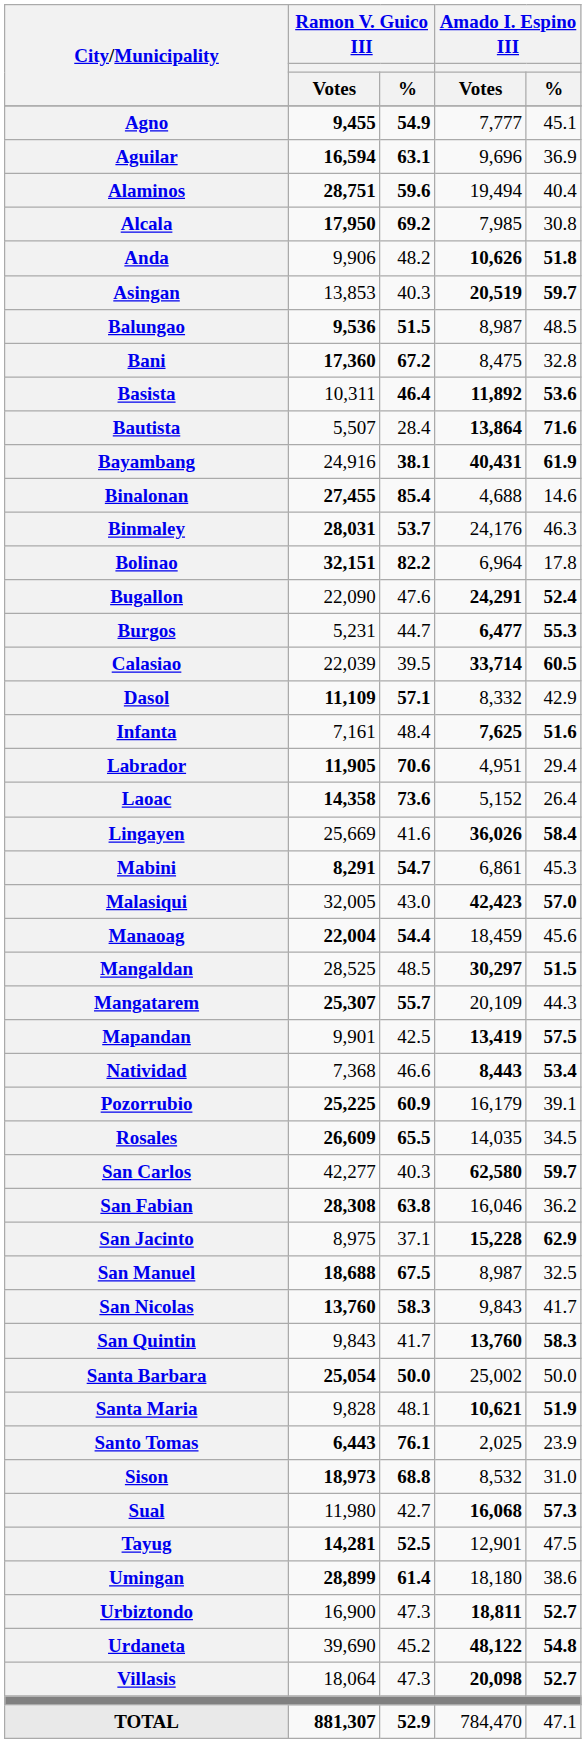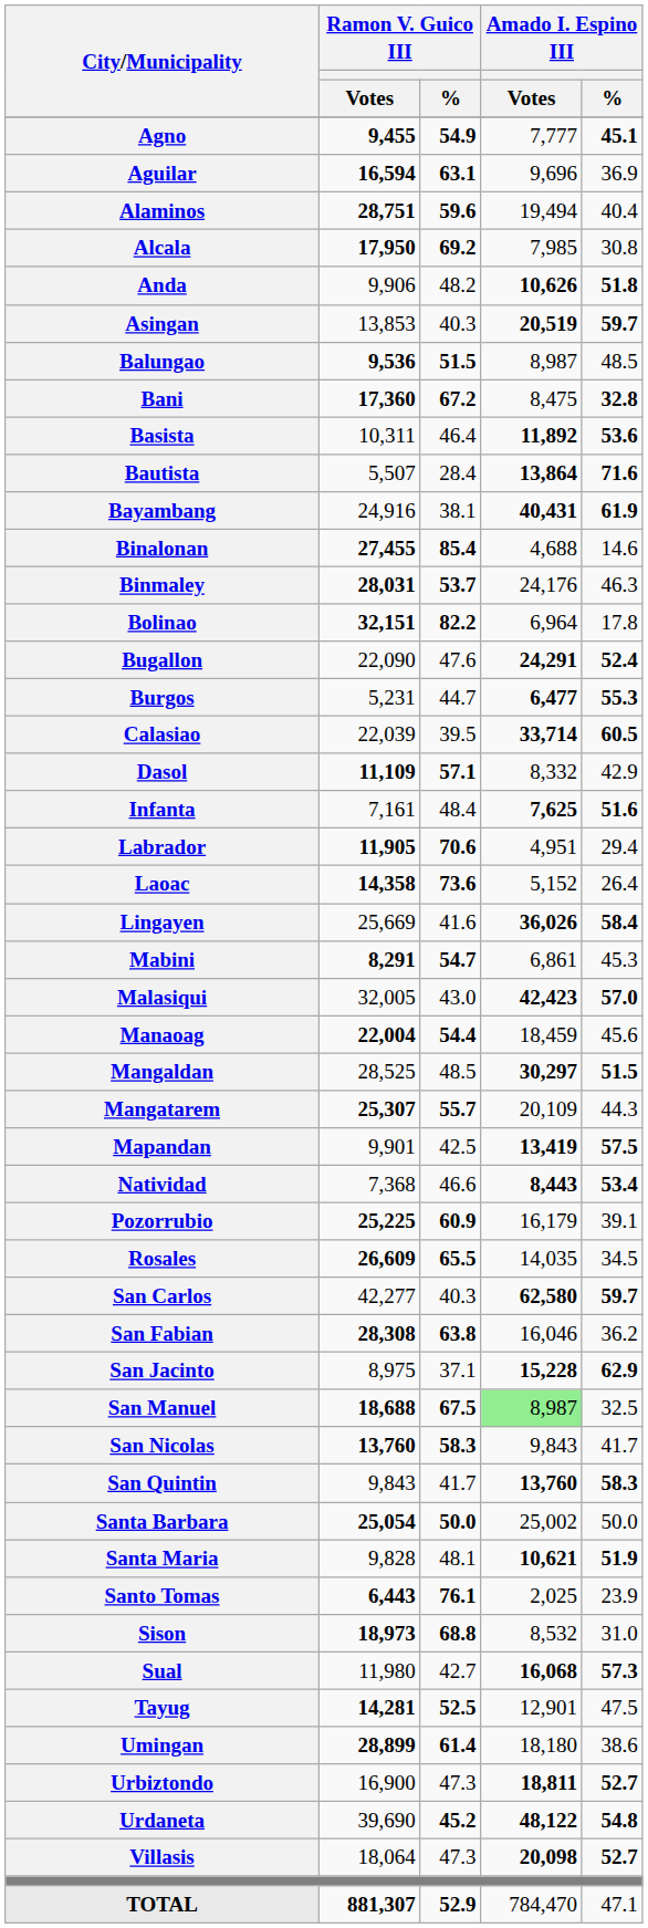 <table class="wikitable collapsible collapsed" style="text-align:right; font-size:95%; line-height:20px;">
 <tr>
 <th rowspan="3" width="220"><a href='#'>City</a>/<a href='#'>Municipality</a></th>
 <th colspan="2" width="110"><a href='#'>Ramon V. Guico III</a></th>
 <th colspan="2" width="110"><a href='#'>Amado I. Espino III</a></th>
 </tr>
 <tr>
 <th colspan="2" style="background:"></th>
 <th colspan="2" style="background:"></th>
 </tr>
 <tr>
 <th>Votes</th>
 <th>%</th>
 <th>Votes</th>
 <th>%</th>
 </tr>
 <tr>
 </tr>
 <tr>
 <th scope="row"><a href='#'>Agno</a></th>
 <td style="background:"><strong>9,455</strong></td>
 <td style="background:"><strong>54.9</strong></td>
 <td>7,777</td>
-<td>45.1</td>
+<td><strong>45.1</strong></td>
 </tr>
 <tr>
 <th scope="row"><a href='#'>Aguilar</a></th>
 <td style="background:"><strong>16,594</strong></td>
 <td style="background:"><strong>63.1</strong></td>
 <td>9,696</td>
 <td>36.9</td>
 </tr>
 <tr>
 <th scope="row"><a href='#'>Alaminos</a></th>
 <td style="background:"><strong>28,751</strong></td>
 <td style="background:"><strong>59.6</strong></td>
 <td>19,494</td>
 <td>40.4</td>
 </tr>
 <tr>
 <th scope="row"><a href='#'>Alcala</a></th>
 <td style="background:"><strong>17,950</strong></td>
 <td style="background:"><strong>69.2</strong></td>
 <td>7,985</td>
 <td>30.8</td>
 </tr>
 <tr>
 <th scope="row"><a href='#'>Anda</a></th>
 <td>9,906</td>
 <td>48.2</td>
 <td style="background:"><strong>10,626</strong></td>
 <td style="background:"><strong>51.8</strong></td>
 </tr>
 <tr>
 <th scope="row"><a href='#'>Asingan</a></th>
 <td>13,853</td>
 <td>40.3</td>
 <td style="background:"><strong>20,519</strong></td>
 <td style="background:"><strong>59.7</strong></td>
 </tr>
 <tr>
 <th scope="row"><a href='#'>Balungao</a></th>
 <td style="background:"><strong>9,536</strong></td>
 <td style="background:"><strong>51.5</strong></td>
 <td>8,987</td>
 <td>48.5</td>
 </tr>
 <tr>
 <th scope="row"><a href='#'>Bani</a></th>
 <td style="background:"><strong>17,360</strong></td>
 <td style="background:"><strong>67.2</strong></td>
 <td>8,475</td>
-<td>32.8</td>
+<td><strong>32.8</strong></td>
 </tr>
 <tr>
 <th scope="row"><a href='#'>Basista</a></th>
 <td>10,311</td>
-<td><strong>46.4</strong></td>
+<td>46.4</td>
 <td style="background:"><strong>11,892</strong></td>
 <td style="background:"><strong>53.6</strong></td>
 </tr>
 <tr>
 <th scope="row"><a href='#'>Bautista</a></th>
 <td>5,507</td>
 <td>28.4</td>
 <td style="background:"><strong>13,864</strong></td>
 <td style="background:"><strong>71.6</strong></td>
 </tr>
 <tr>
 <th scope="row"><a href='#'>Bayambang</a></th>
 <td>24,916</td>
-<td><strong>38.1</strong></td>
+<td>38.1</td>
 <td style="background:"><strong>40,431</strong></td>
 <td style="background:"><strong>61.9</strong></td>
 </tr>
 <tr>
 <th scope="row"><a href='#'>Binalonan</a></th>
 <td style="background:"><strong>27,455</strong></td>
 <td style="background:"><strong>85.4</strong></td>
 <td>4,688</td>
 <td>14.6</td>
 </tr>
 <tr>
 <th scope="row"><a href='#'>Binmaley</a></th>
 <td style="background:"><strong>28,031</strong></td>
 <td style="background:"><strong>53.7</strong></td>
 <td>24,176</td>
 <td>46.3</td>
 </tr>
 <tr>
 <th scope="row"><a href='#'>Bolinao</a></th>
 <td style="background:"><strong>32,151</strong></td>
 <td style="background:"><strong>82.2</strong></td>
 <td>6,964</td>
 <td>17.8</td>
 </tr>
 <tr>
 <th scope="row"><a href='#'>Bugallon</a></th>
 <td>22,090</td>
 <td>47.6</td>
 <td style="background:"><strong>24,291</strong></td>
 <td style="background:"><strong>52.4</strong></td>
 </tr>
 <tr>
 <th scope="row"><a href='#'>Burgos</a></th>
 <td>5,231</td>
 <td>44.7</td>
 <td style="background:"><strong>6,477</strong></td>
 <td style="background:"><strong>55.3</strong></td>
 </tr>
 <tr>
 <th scope="row"><a href='#'>Calasiao</a></th>
 <td>22,039</td>
 <td>39.5</td>
 <td style="background:"><strong>33,714</strong></td>
 <td style="background:"><strong>60.5</strong></td>
 </tr>
 <tr>
 <th scope="row"><a href='#'>Dasol</a></th>
 <td style="background:"><strong>11,109</strong></td>
 <td style="background:"><strong>57.1</strong></td>
 <td>8,332</td>
 <td>42.9</td>
 </tr>
 <tr>
 <th scope="row"><a href='#'>Infanta</a></th>
 <td>7,161</td>
 <td>48.4</td>
 <td style="background:"><strong>7,625</strong></td>
 <td style="background:"><strong>51.6</strong></td>
 </tr>
 <tr>
 <th scope="row"><a href='#'>Labrador</a></th>
 <td style="background:"><strong>11,905</strong></td>
 <td style="background:"><strong>70.6</strong></td>
 <td>4,951</td>
 <td>29.4</td>
 </tr>
 <tr>
 <th scope="row"><a href='#'>Laoac</a></th>
 <td style="background:"><strong>14,358</strong></td>
 <td style="background:"><strong>73.6</strong></td>
 <td>5,152</td>
 <td>26.4</td>
 </tr>
 <tr>
 <th scope="row"><a href='#'>Lingayen</a></th>
 <td>25,669</td>
 <td>41.6</td>
 <td style="background:"><strong>36,026</strong></td>
 <td style="background:"><strong>58.4</strong></td>
 </tr>
 <tr>
 <th scope="row"><a href='#'>Mabini</a></th>
 <td style="background:"><strong>8,291</strong></td>
 <td style="background:"><strong>54.7</strong></td>
 <td>6,861</td>
 <td>45.3</td>
 </tr>
 <tr>
 <th scope="row"><a href='#'>Malasiqui</a></th>
 <td>32,005</td>
 <td>43.0</td>
 <td style="background:"><strong>42,423</strong></td>
 <td style="background:"><strong>57.0</strong></td>
 </tr>
 <tr>
 <th scope="row"><a href='#'>Manaoag</a></th>
 <td style="background:"><strong>22,004</strong></td>
 <td style="background:"><strong>54.4</strong></td>
 <td>18,459</td>
 <td>45.6</td>
 </tr>
 <tr>
 <th scope="row"><a href='#'>Mangaldan</a></th>
 <td>28,525</td>
 <td>48.5</td>
 <td style="background:"><strong>30,297</strong></td>
 <td style="background:"><strong>51.5</strong></td>
 </tr>
 <tr>
 <th scope="row"><a href='#'>Mangatarem</a></th>
 <td style="background:"><strong>25,307</strong></td>
 <td style="background:"><strong>55.7</strong></td>
 <td>20,109</td>
 <td>44.3</td>
 </tr>
 <tr>
 <th scope="row"><a href='#'>Mapandan</a></th>
 <td>9,901</td>
 <td>42.5</td>
 <td style="background:"><strong>13,419</strong></td>
 <td style="background:"><strong>57.5</strong></td>
 </tr>
 <tr>
 <th scope="row"><a href='#'>Natividad</a></th>
 <td>7,368</td>
 <td>46.6</td>
 <td style="background:"><strong>8,443</strong></td>
 <td style="background:"><strong>53.4</strong></td>
 </tr>
 <tr>
 <th scope="row"><a href='#'>Pozorrubio</a></th>
 <td style="background:"><strong>25,225</strong></td>
 <td style="background:"><strong>60.9</strong></td>
 <td>16,179</td>
 <td>39.1</td>
 </tr>
 <tr>
 <th scope="row"><a href='#'>Rosales</a></th>
 <td style="background:"><strong>26,609</strong></td>
 <td style="background:"><strong>65.5</strong></td>
 <td>14,035</td>
 <td>34.5</td>
 </tr>
 <tr>
 <th scope="row"><a href='#'>San Carlos</a></th>
 <td>42,277</td>
 <td>40.3</td>
 <td style="background:"><strong>62,580</strong></td>
 <td style="background:"><strong>59.7</strong></td>
 </tr>
 <tr>
 <th scope="row"><a href='#'>San Fabian</a></th>
 <td style="background:"><strong>28,308</strong></td>
 <td style="background:"><strong>63.8</strong></td>
 <td>16,046</td>
 <td>36.2</td>
 </tr>
 <tr>
 <th scope="row"><a href='#'>San Jacinto</a></th>
 <td>8,975</td>
 <td>37.1</td>
 <td style="background:"><strong>15,228</strong></td>
 <td style="background:"><strong>62.9</strong></td>
 </tr>
 <tr>
 <th scope="row"><a href='#'>San Manuel</a></th>
 <td style="background:"><strong>18,688</strong></td>
 <td style="background:"><strong>67.5</strong></td>
-<td>8,987</td>
+<td style="background: lightgreen;">8,987</td>
 <td>32.5</td>
 </tr>
 <tr>
 <th scope="row"><a href='#'>San Nicolas</a></th>
 <td style="background:"><strong>13,760</strong></td>
 <td style="background:"><strong>58.3</strong></td>
 <td>9,843</td>
 <td>41.7</td>
 </tr>
 <tr>
 <th scope="row"><a href='#'>San Quintin</a></th>
 <td>9,843</td>
 <td>41.7</td>
 <td style="background:"><strong>13,760</strong></td>
 <td style="background:"><strong>58.3</strong></td>
 </tr>
 <tr>
 <th scope="row"><a href='#'>Santa Barbara</a></th>
 <td style="background:"><strong>25,054</strong></td>
 <td style="background:"><strong>50.0</strong></td>
 <td>25,002</td>
 <td>50.0</td>
 </tr>
 <tr>
 <th scope="row"><a href='#'>Santa Maria</a></th>
 <td>9,828</td>
 <td>48.1</td>
 <td style="background:"><strong>10,621</strong></td>
 <td style="background:"><strong>51.9</strong></td>
 </tr>
 <tr>
 <th scope="row"><a href='#'>Santo Tomas</a></th>
 <td style="background:"><strong>6,443</strong></td>
 <td style="background:"><strong>76.1</strong></td>
 <td>2,025</td>
 <td>23.9</td>
 </tr>
 <tr>
 <th scope="row"><a href='#'>Sison</a></th>
 <td style="background:"><strong>18,973</strong></td>
 <td style="background:"><strong>68.8</strong></td>
 <td>8,532</td>
 <td>31.0</td>
 </tr>
 <tr>
 <th scope="row"><a href='#'>Sual</a></th>
 <td>11,980</td>
 <td>42.7</td>
 <td style="background:"><strong>16,068</strong></td>
 <td style="background:"><strong>57.3</strong></td>
 </tr>
 <tr>
 <th scope="row"><a href='#'>Tayug</a></th>
 <td style="background:"><strong>14,281</strong></td>
 <td style="background:"><strong>52.5</strong></td>
 <td>12,901</td>
 <td>47.5</td>
 </tr>
 <tr>
 <th scope="row"><a href='#'>Umingan</a></th>
 <td style="background:"><strong>28,899</strong></td>
 <td style="background:"><strong>61.4</strong></td>
 <td>18,180</td>
 <td>38.6</td>
 </tr>
 <tr>
 <th scope="row"><a href='#'>Urbiztondo</a></th>
 <td>16,900</td>
 <td>47.3</td>
 <td style="background:"><strong>18,811</strong></td>
 <td style="background:"><strong>52.7</strong></td>
 </tr>
 <tr>
 <th scope="row"><a href='#'>Urdaneta</a></th>
 <td>39,690</td>
-<td>45.2</td>
+<td><strong>45.2</strong></td>
 <td style="background:"><strong>48,122</strong></td>
 <td style="background:"><strong>54.8</strong></td>
 </tr>
 <tr>
 <th scope="row"><a href='#'>Villasis</a></th>
 <td>18,064</td>
 <td>47.3</td>
 <td style="background:"><strong>20,098</strong></td>
 <td style="background:"><strong>52.7</strong></td>
 </tr>
 <tr>
 <td colspan=11 bgcolor=Grey></td>
 </tr>
 <tr>
 <td style="background:#E9E9E9;" align="center"><strong>TOTAL</strong></td>
 <td style="background:"><strong> 881,307</strong></td>
 <td style="background:"><strong>52.9</strong></td>
 <td>784,470</td>
 <td>47.1</td>
 </tr>
 </table>
